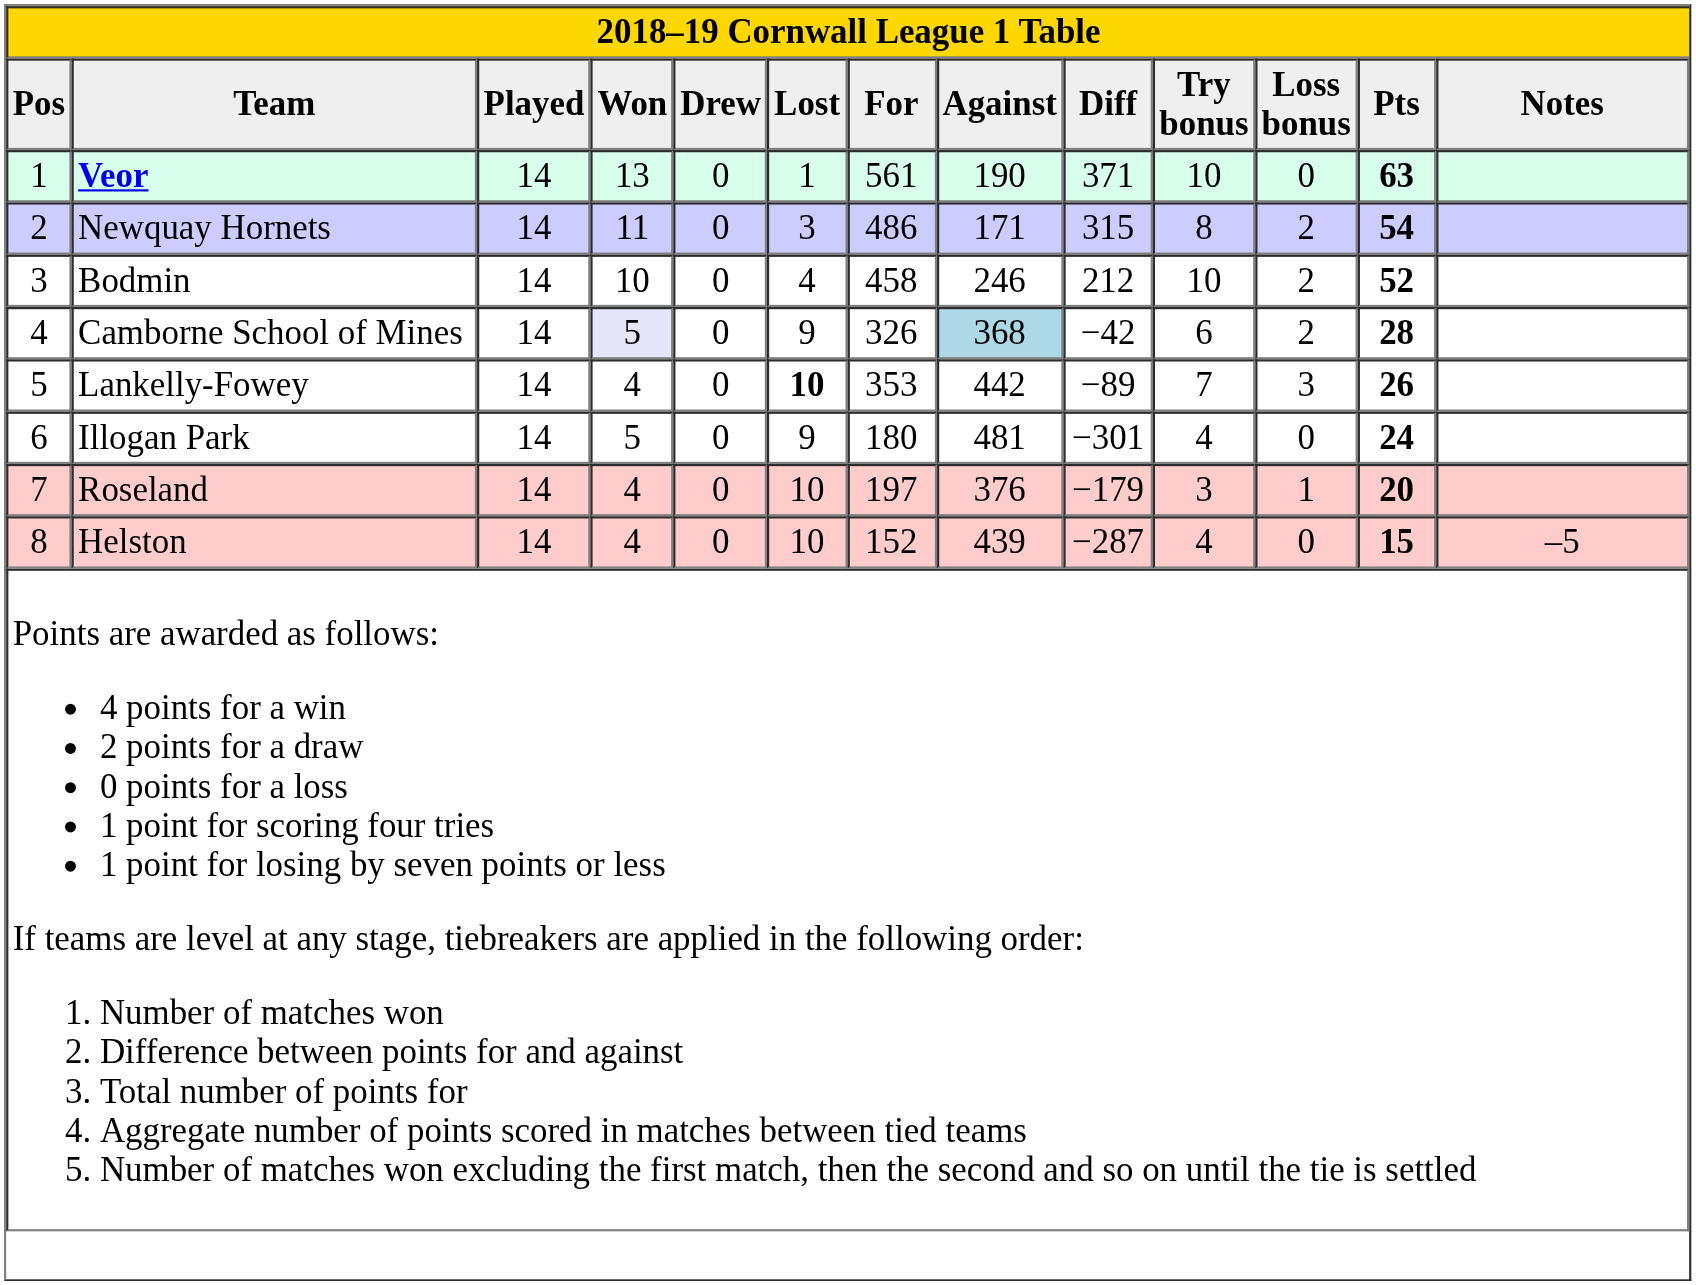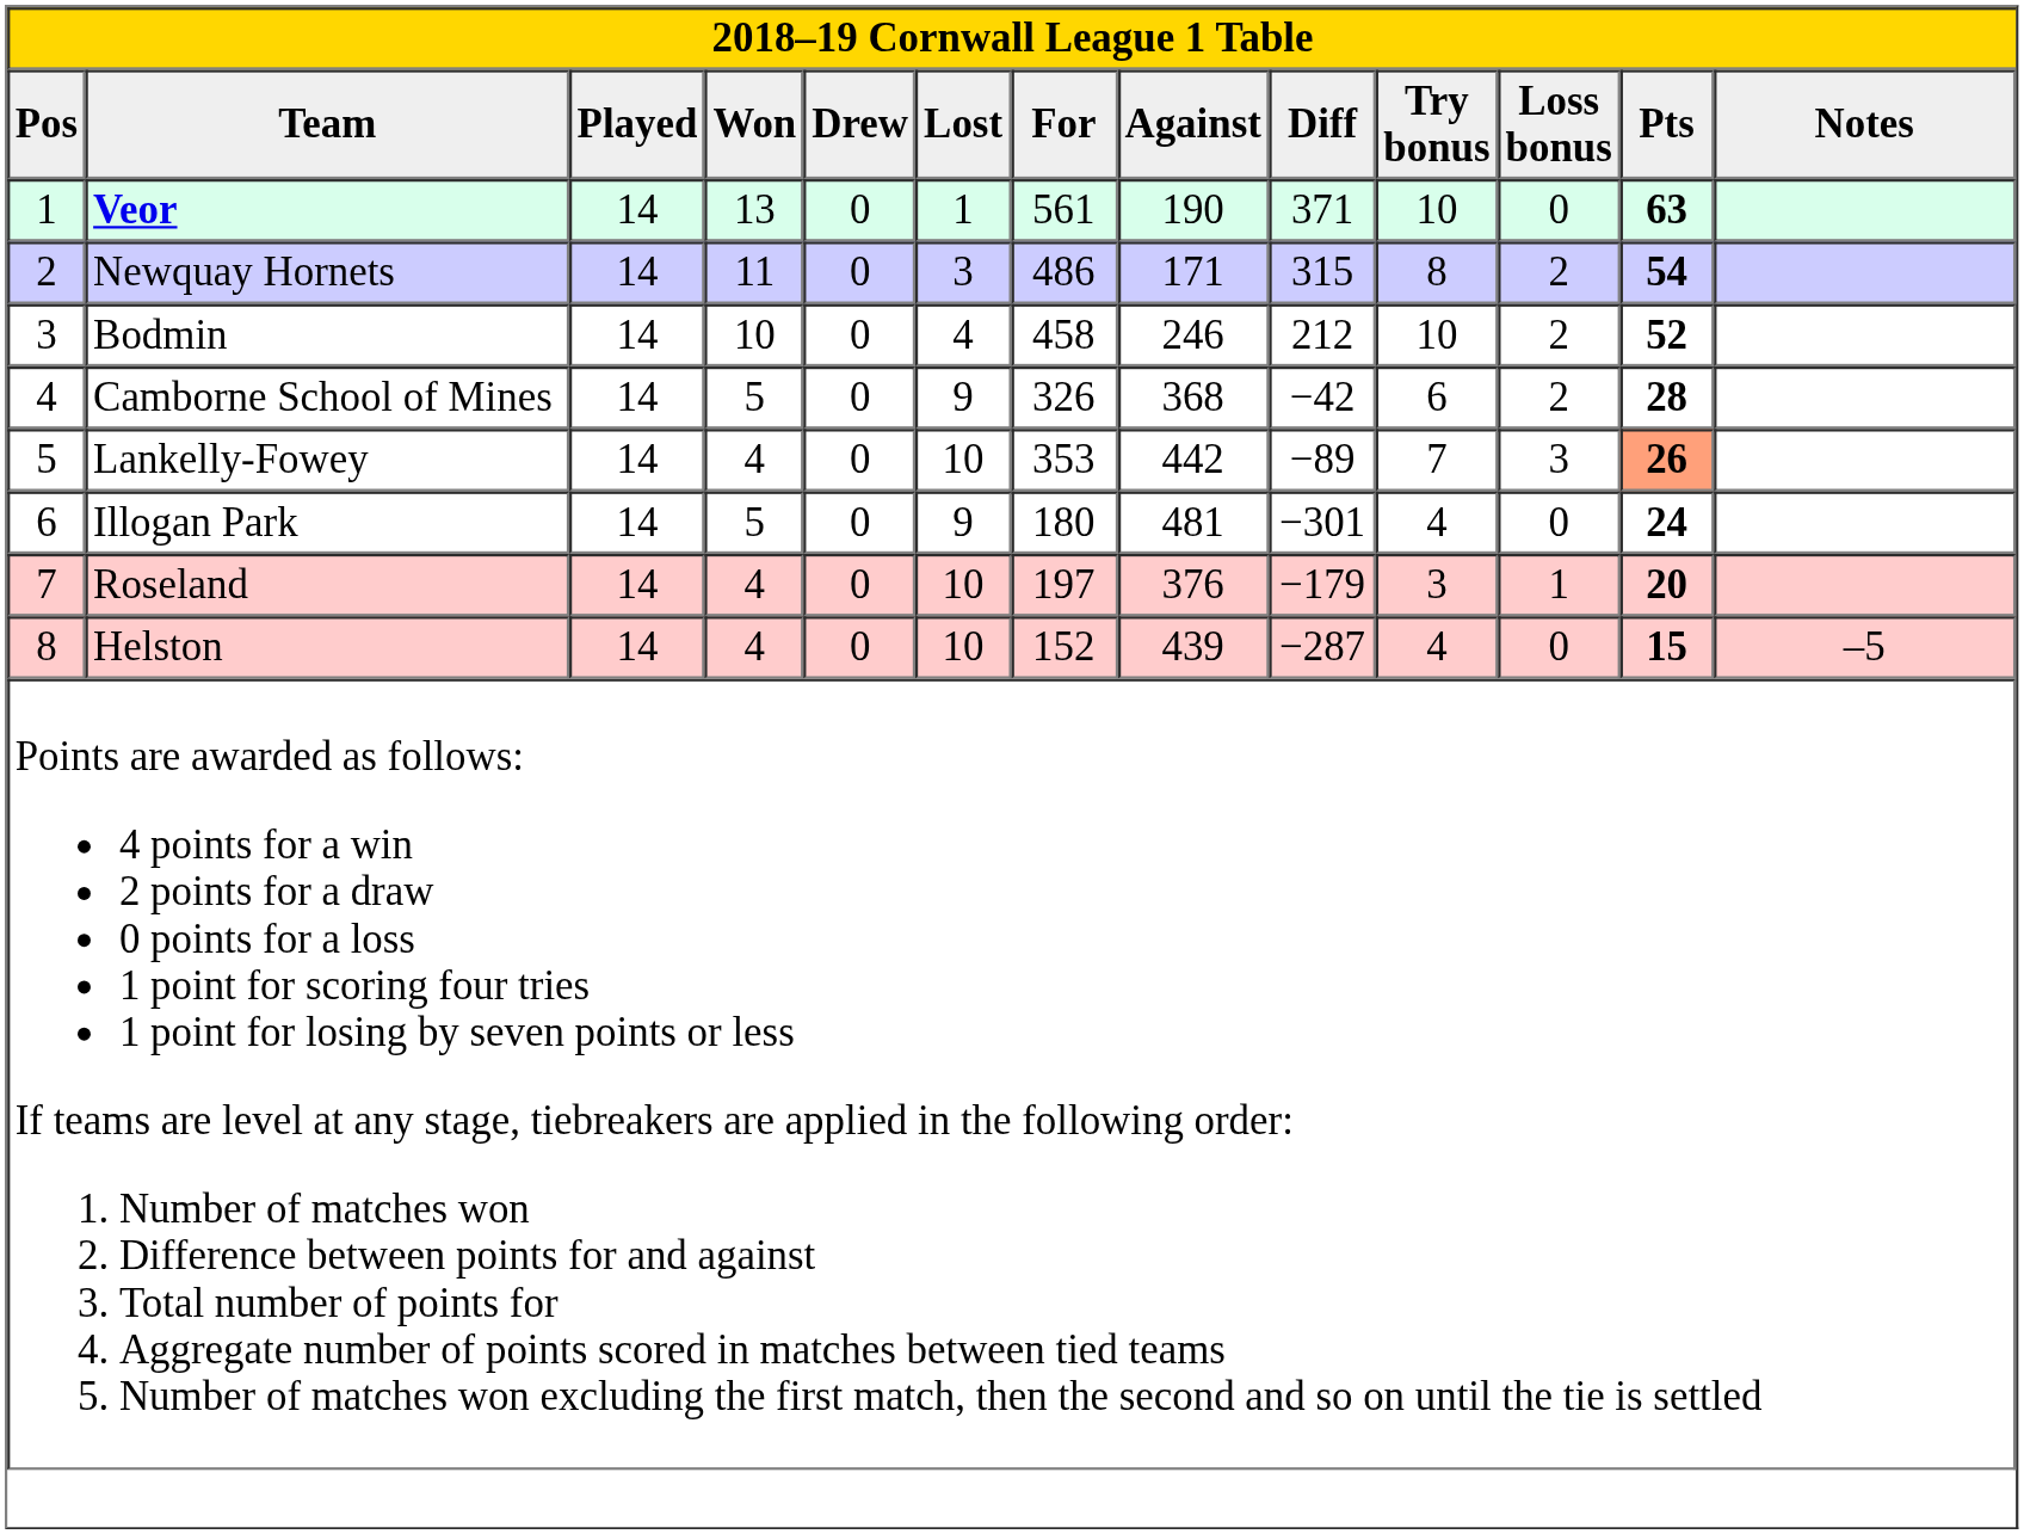 <table border="1" cellpadding="2" cellspacing="0">
 <tr bgcolor="gold">
 <th colspan=13 style="border-right:0px;";>2018–19 Cornwall League 1 Table</th>
 </tr>
 <tr bgcolor="#efefef">
 <th width="20">Pos</th>
 <th width="180">Team</th>
 <th width="25">Played</th>
 <th width="25">Won</th>
 <th width="25">Drew</th>
 <th width="25">Lost</th>
 <th width="35">For</th>
 <th width="35">Against</th>
 <th width="35">Diff</th>
 <th width="35">Try bonus</th>
 <th width="35">Loss bonus</th>
 <th width="30">Pts</th>
 <th width="110">Notes</th>
 </tr>
 <tr bgcolor=#d8ffeb align=center>
 <td>1</td>
 <td align=left><strong><a href='#'>Veor</a></strong></td>
 <td>14</td>
 <td>13</td>
 <td>0</td>
 <td>1</td>
 <td>561</td>
 <td>190</td>
 <td>371</td>
 <td>10</td>
 <td>0</td>
 <td><strong>63</strong></td>
 <td></td>
 </tr>
 <tr bgcolor=#ccccff align=center>
 <td>2</td>
 <td align=left>Newquay Hornets</td>
 <td>14</td>
 <td>11</td>
 <td>0</td>
 <td>3</td>
 <td>486</td>
 <td>171</td>
 <td>315</td>
 <td>8</td>
 <td>2</td>
 <td><strong>54</strong></td>
 <td></td>
 </tr>
 <tr align=center>
 <td>3</td>
 <td align=left>Bodmin</td>
 <td>14</td>
 <td>10</td>
 <td>0</td>
 <td>4</td>
 <td>458</td>
 <td>246</td>
 <td>212</td>
 <td>10</td>
 <td>2</td>
 <td><strong>52</strong></td>
 <td></td>
 </tr>
 <tr align=center>
 <td>4</td>
 <td align=left>Camborne School of Mines</td>
 <td>14</td>
-<td style="background: lavender;">5</td>
+<td>5</td>
 <td>0</td>
 <td>9</td>
 <td>326</td>
-<td style="background: lightblue;">368</td>
+<td>368</td>
 <td>−42</td>
 <td>6</td>
 <td>2</td>
 <td><strong>28</strong></td>
 <td></td>
 </tr>
 <tr align=center>
 <td>5</td>
 <td align=left>Lankelly-Fowey</td>
 <td>14</td>
 <td>4</td>
 <td>0</td>
-<td><strong>10</strong></td>
+<td>10</td>
 <td>353</td>
 <td>442</td>
 <td>−89</td>
 <td>7</td>
 <td>3</td>
-<td><strong>26</strong></td>
+<td style="background: lightsalmon;"><strong>26</strong></td>
 <td></td>
 </tr>
 <tr align=center>
 <td>6</td>
 <td align=left>Illogan Park</td>
 <td>14</td>
 <td>5</td>
 <td>0</td>
 <td>9</td>
 <td>180</td>
 <td>481</td>
 <td>−301</td>
 <td>4</td>
 <td>0</td>
 <td><strong>24</strong></td>
 <td></td>
 </tr>
 <tr bgcolor=#ffcccc align=center>
 <td>7</td>
 <td align=left>Roseland</td>
 <td>14</td>
 <td>4</td>
 <td>0</td>
 <td>10</td>
 <td>197</td>
 <td>376</td>
 <td>−179</td>
 <td>3</td>
 <td>1</td>
 <td><strong>20</strong></td>
 <td></td>
 </tr>
 <tr bgcolor=#ffcccc align=center>
 <td>8</td>
 <td align=left>Helston</td>
 <td>14</td>
 <td>4</td>
 <td>0</td>
 <td>10</td>
 <td>152</td>
 <td>439</td>
 <td>−287</td>
 <td>4</td>
 <td>0</td>
 <td><strong>15</strong></td>
 <td>–5</td>
 </tr>
 <tr align=center>
 </tr>
 <tr bgcolor=#ffffff>
 <td colspan="13"><br>Points are awarded as follows:<ul><li>4 points for a win</li><li>2 points for a draw</li><li>0 points for a loss</li><li>1 point for scoring four tries</li><li>1 point for losing by seven points or less</li></ul>If teams are level at any stage, tiebreakers are applied in the following order:<ol><li>Number of matches won</li><li>Difference between points for and against</li><li>Total number of points for</li><li>Aggregate number of points scored in matches between tied teams</li><li>Number of matches won excluding the first match, then the second and so on until the tie is settled</li></ol></td>
 </tr>
 <tr |align=left|>
 <td colspan="15" style="border:0px"><br></td>
 </tr>
 </table>
